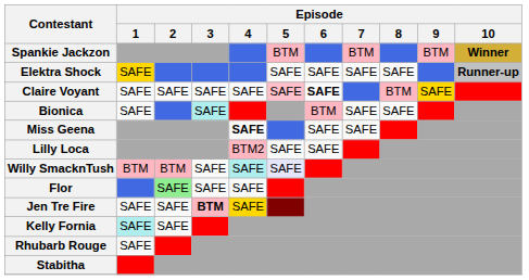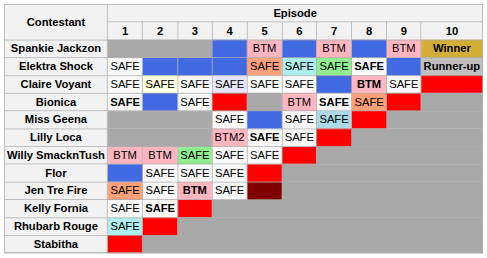 <table class="wikitable" style="text-align:center">
 <tr>
 <th scope="col" rowspan="2">Contestant</th>
 <th colspan="10">Episode</th>
 </tr>
 <tr>
 <th scope="col">1</th>
 <th scope="col">2</th>
 <th scope="col">3</th>
 <th scope="col">4</th>
 <th scope="col">5</th>
 <th scope="col">6</th>
 <th scope="col">7</th>
 <th scope="col">8</th>
 <th scope="col">9</th>
 <th scope="col">10</th>
 </tr>
 <tr>
 <th scope="row">Spankie Jackzon</th>
 <td bgcolor="darkgray" colspan="3"></td>
 <td bgcolor="royalblue"><strong></strong></td>
 <td bgcolor="lightpink">BTM</td>
 <td bgcolor="royalblue"><strong></strong></td>
 <td bgcolor="lightpink">BTM</td>
 <td bgcolor="royalblue"><strong></strong></td>
 <td bgcolor="lightpink">BTM</td>
 <td bgcolor="#D4AF37"><strong>Winner</strong></td>
 </tr>
 <tr>
 <th scope="row">Elektra Shock</th>
-<td style="background: gold;">SAFE</td>
+<td>SAFE</td>
 <td bgcolor="royalblue"><strong></strong></td>
 <td bgcolor="royalblue"><strong></strong></td>
 <td bgcolor="royalblue"><strong></strong></td>
-<td>SAFE</td>
-<td>SAFE</td>
-<td>SAFE</td>
-<td>SAFE</td>
+<td style="background: lightsalmon;">SAFE</td>
+<td style="background: paleturquoise;">SAFE</td>
+<td style="background: lightgreen;">SAFE</td>
+<td><strong>SAFE</strong></td>
 <td bgcolor="royalblue"><strong></strong></td>
 <td bgcolor="silver" nowrap><strong>Runner-up</strong></td>
 </tr>
 <tr>
 <th scope="row">Claire Voyant</th>
 <td>SAFE</td>
+<td style="background: lightyellow;">SAFE</td>
+<td>SAFE</td>
+<td style="background: lavender;">SAFE</td>
 <td>SAFE</td>
 <td>SAFE</td>
+<td bgcolor="royalblue"><strong></strong></td>
+<td bgcolor="lightpink"><strong>BTM</strong></td>
 <td>SAFE</td>
-<td style="background: pink;">SAFE</td>
-<td><strong>SAFE</strong></td>
-<td bgcolor="royalblue"><strong></strong></td>
-<td bgcolor="lightpink">BTM</td>
-<td style="background: gold;">SAFE</td>
 <td bgcolor="red"></td>
 </tr>
 <tr>
 <th scope="row">Bionica</th>
+<td><strong>SAFE</strong></td>
+<td bgcolor="royalblue"><strong></strong></td>
 <td>SAFE</td>
-<td bgcolor="royalblue"><strong></strong></td>
-<td style="background: paleturquoise;">SAFE</td>
 <td bgcolor="red"></td>
 <td bgcolor="darkgray"></td>
 <td bgcolor="lightpink">BTM</td>
-<td>SAFE</td>
-<td>SAFE</td>
+<td><strong>SAFE</strong></td>
+<td style="background: lightsalmon;">SAFE</td>
 <td bgcolor="red"></td>
 <td bgcolor="darkgray"></td>
 </tr>
 <tr>
 <th scope="row">Miss Geena</th>
 <td bgcolor="darkgray" colspan="3"></td>
-<td><strong>SAFE</strong></td>
+<td>SAFE</td>
 <td bgcolor="royalblue"><strong></strong></td>
 <td>SAFE</td>
-<td>SAFE</td>
+<td style="background: lightblue;">SAFE</td>
 <td bgcolor="red"></td>
 <td bgcolor="darkgray" colspan="2"></td>
 </tr>
 <tr>
 <th scope="row">Lilly Loca</th>
 <td bgcolor="darkgray" colspan="3"></td>
 <td bgcolor="lightpink">BTM2</td>
-<td>SAFE</td>
+<td><strong>SAFE</strong></td>
 <td>SAFE</td>
 <td bgcolor="red"></td>
 <td bgcolor="darkgray" colspan="3"></td>
 </tr>
 <tr>
 <th nowrap scope="row">Willy SmacknTush</th>
 <td bgcolor="lightpink">BTM</td>
 <td bgcolor="lightpink">BTM</td>
+<td style="background: lightgreen;">SAFE</td>
 <td>SAFE</td>
-<td style="background: paleturquoise;">SAFE</td>
-<td style="background: lavender;">SAFE</td>
+<td>SAFE</td>
 <td bgcolor="red"></td>
 <td bgcolor="darkgray" colspan="4"></td>
 </tr>
 <tr>
 <th scope="row">Flor</th>
 <td bgcolor="royalblue"><strong></strong></td>
-<td style="background: lightgreen;">SAFE</td>
+<td>SAFE</td>
 <td>SAFE</td>
 <td>SAFE</td>
 <td bgcolor="red"></td>
 <td bgcolor="darkgray" colspan="5"></td>
 </tr>
 <tr>
 <th scope="row">Jen Tre Fire</th>
-<td>SAFE</td>
+<td style="background: lightsalmon;">SAFE</td>
 <td>SAFE</td>
 <td bgcolor="lightpink"><strong>BTM</strong></td>
-<td style="background: gold;">SAFE</td>
+<td>SAFE</td>
 <td bgcolor="maroon"></td>
 <td bgcolor="darkgray" colspan="6"></td>
 </tr>
 <tr>
 <th scope="row">Kelly Fornia</th>
-<td style="background: paleturquoise;">SAFE</td>
 <td>SAFE</td>
+<td><strong>SAFE</strong></td>
 <td bgcolor="red"></td>
 <td bgcolor="darkgray" colspan="7"></td>
 </tr>
 <tr>
 <th scope="row">Rhubarb Rouge</th>
-<td>SAFE</td>
+<td style="background: paleturquoise;">SAFE</td>
 <td bgcolor="red"></td>
 <td bgcolor="darkgray" colspan="8"></td>
 </tr>
 <tr>
 <th scope="row">Stabitha</th>
 <td bgcolor="red"></td>
 <td bgcolor="darkgray" colspan="9"></td>
 </tr>
 <tr>
 </tr>
 </table>
